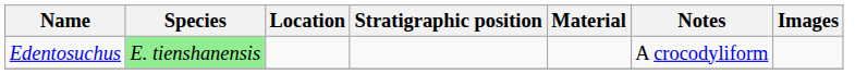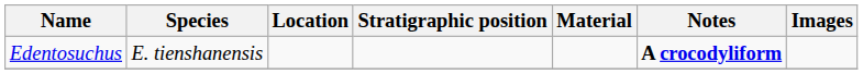 <table class="wikitable" align="center">
 <tr>
 <th>Name</th>
 <th>Species</th>
 <th>Location</th>
 <th>Stratigraphic position</th>
 <th>Material</th>
 <th>Notes</th>
 <th>Images</th>
 </tr>
 <tr>
 <td><em><a href='#'>Edentosuchus</a></em></td>
-<td style="background: lightgreen;"><em>E. tienshanensis</em></td>
+<td><em>E. tienshanensis</em></td>
 <td></td>
 <td></td>
 <td></td>
-<td>A <a href='#'>crocodyliform</a></td>
+<td><strong>A <a href='#'>crocodyliform</a></strong></td>
 <td></td>
 </tr>
 <tr>
 </tr>
 </table>
